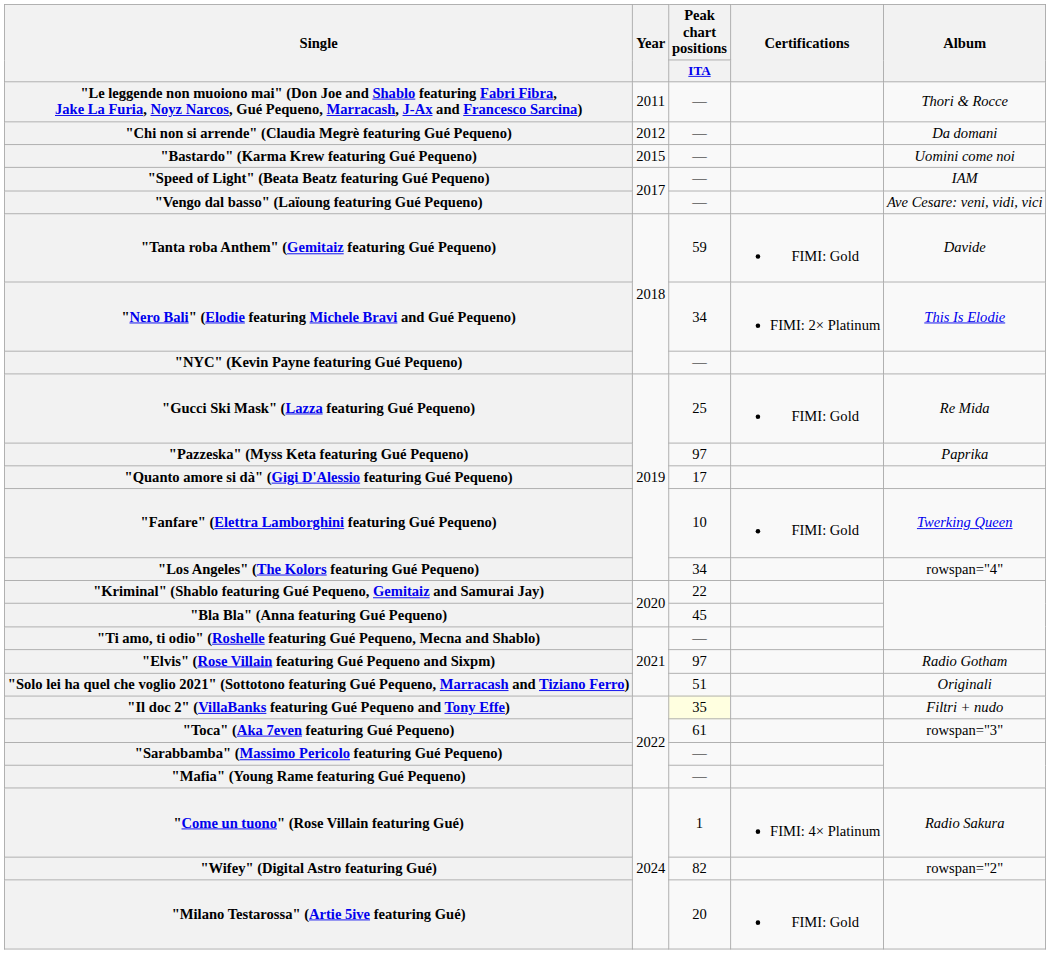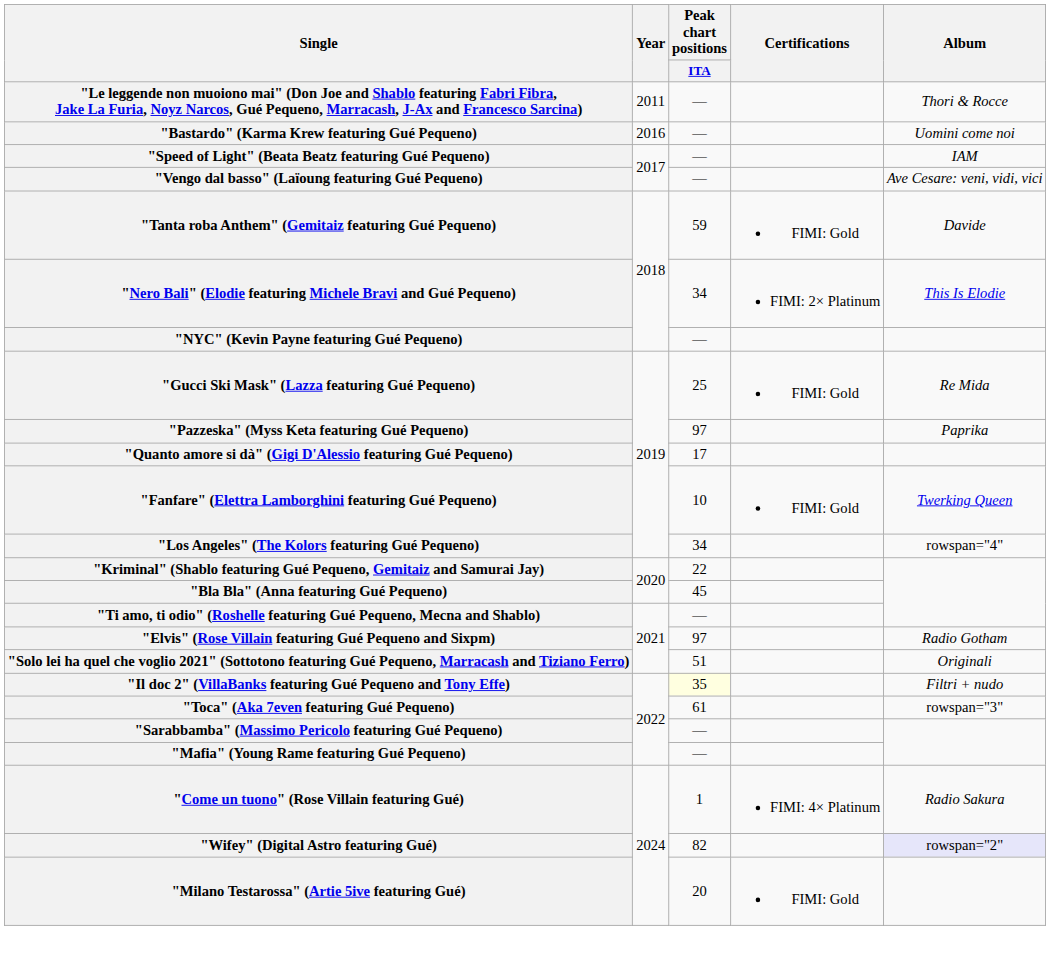 <table class="wikitable plainrowheaders" style="text-align:center;">
 <tr>
 <th scope="col" rowspan="2">Single</th>
 <th scope="col" rowspan="2">Year</th>
 <th scope="col" colspan="1">Peak chart positions</th>
 <th scope="col" rowspan="2">Certifications</th>
 <th scope="col" rowspan="2">Album</th>
 </tr>
 <tr>
 <th scope="col" style="width:3em;font-size:90%;"><a href='#'>ITA</a><br></th>
 </tr>
 <tr>
 <th scope="row">"Le leggende non muoiono mai" (Don Joe and <a href='#'>Shablo</a> featuring <a href='#'>Fabri Fibra</a>,<br> <a href='#'>Jake La Furia</a>, <a href='#'>Noyz Narcos</a>, Gué Pequeno, <a href='#'>Marracash</a>, <a href='#'>J-Ax</a> and <a href='#'>Francesco Sarcina</a>)</th>
 <td>2011</td>
 <td>—</td>
 <td></td>
 <td><em>Thori & Rocce</em></td>
 </tr>
 <tr>
-<th scope="row">"Chi non si arrende" (Claudia Megrè featuring Gué Pequeno)</th>
-<td>2012</td>
-<td>—</td>
-<td></td>
-<td><em>Da domani</em></td>
-</tr>
-<tr>
 <th scope="row">"Bastardo" (Karma Krew featuring Gué Pequeno)</th>
-<td>2015</td>
+<td>2016</td>
 <td>—</td>
 <td></td>
 <td><em>Uomini come noi</em></td>
 </tr>
 <tr>
 <th scope="row">"Speed of Light" (Beata Beatz featuring Gué Pequeno)</th>
 <td rowspan="2">2017</td>
 <td>—</td>
 <td></td>
 <td><em>IAM</em></td>
 </tr>
 <tr>
 <th scope="row">"Vengo dal basso" (Laïoung featuring Gué Pequeno)</th>
 <td>—</td>
 <td></td>
 <td><em>Ave Cesare: veni, vidi, vici</em></td>
 </tr>
 <tr>
 <th scope="row">"Tanta roba Anthem" (<a href='#'>Gemitaiz</a> featuring Gué Pequeno)</th>
 <td rowspan="3">2018</td>
 <td>59</td>
 <td><br><ul><li>FIMI: Gold</li></ul></td>
 <td><em>Davide</em></td>
 </tr>
 <tr>
 <th scope="row">"<a href='#'>Nero Bali</a>" (<a href='#'>Elodie</a> featuring <a href='#'>Michele Bravi</a> and Gué Pequeno)</th>
 <td>34</td>
 <td><br><ul><li>FIMI: 2× Platinum</li></ul></td>
 <td><em><a href='#'>This Is Elodie</a></em></td>
 </tr>
 <tr>
 <th scope="row">"NYC" (Kevin Payne featuring Gué Pequeno)</th>
 <td>—</td>
 <td></td>
 <td></td>
 </tr>
 <tr>
 <th scope="row">"Gucci Ski Mask" (<a href='#'>Lazza</a> featuring Gué Pequeno)</th>
 <td rowspan="5">2019</td>
 <td>25</td>
 <td><br><ul><li>FIMI: Gold</li></ul></td>
 <td><em>Re Mida</em></td>
 </tr>
 <tr>
 <th scope="row">"Pazzeska" (Myss Keta featuring Gué Pequeno)</th>
 <td>97</td>
 <td></td>
 <td><em>Paprika</em></td>
 </tr>
 <tr>
 <th scope="row">"Quanto amore si dà" (<a href='#'>Gigi D'Alessio</a> featuring Gué Pequeno)</th>
 <td>17</td>
 <td></td>
 <td></td>
 </tr>
 <tr>
 <th scope="row">"Fanfare" (<a href='#'>Elettra Lamborghini</a> featuring Gué Pequeno)</th>
 <td>10</td>
 <td><br><ul><li>FIMI: Gold</li></ul></td>
 <td><em><a href='#'>Twerking Queen</a></em></td>
 </tr>
 <tr>
 <th scope="row">"Los Angeles" (<a href='#'>The Kolors</a> featuring Gué Pequeno)</th>
 <td>34</td>
 <td></td>
 <td>rowspan="4" </td>
 </tr>
 <tr>
 <th scope="row">"Kriminal" (Shablo featuring Gué Pequeno, <a href='#'>Gemitaiz</a> and Samurai Jay)</th>
 <td rowspan="2">2020</td>
 <td>22</td>
 <td></td>
 </tr>
 <tr>
 <th scope="row">"Bla Bla" (Anna featuring Gué Pequeno)</th>
 <td>45</td>
 <td></td>
 </tr>
 <tr>
 <th scope="row">"Ti amo, ti odio" (<a href='#'>Roshelle</a> featuring Gué Pequeno, Mecna and Shablo)</th>
 <td rowspan="3">2021</td>
 <td>—</td>
 <td></td>
 </tr>
 <tr>
 <th scope="row">"Elvis" (<a href='#'>Rose Villain</a> featuring Gué Pequeno and Sixpm)</th>
 <td>97</td>
 <td></td>
 <td><em>Radio Gotham</em></td>
 </tr>
 <tr>
 <th scope="row">"Solo lei ha quel che voglio 2021" (Sottotono featuring Gué Pequeno, <a href='#'>Marracash</a> and <a href='#'>Tiziano Ferro</a>)</th>
 <td>51</td>
 <td></td>
 <td><em>Originali</em></td>
 </tr>
 <tr>
 <th scope="row">"Il doc 2" (<a href='#'>VillaBanks</a> featuring Gué Pequeno and <a href='#'>Tony Effe</a>)</th>
 <td rowspan="4">2022</td>
 <td style="background: lightyellow;">35</td>
 <td></td>
 <td><em>Filtri + nudo</em></td>
 </tr>
 <tr>
 <th scope="row">"Toca" (<a href='#'>Aka 7even</a> featuring Gué Pequeno)</th>
 <td>61</td>
 <td></td>
 <td>rowspan="3" </td>
 </tr>
 <tr>
 <th scope="row">"Sarabbamba" (<a href='#'>Massimo Pericolo</a> featuring Gué Pequeno)</th>
 <td>—</td>
 <td></td>
 </tr>
 <tr>
 <th scope="row">"Mafia" (Young Rame featuring Gué Pequeno)</th>
 <td>—</td>
 <td></td>
 </tr>
 <tr>
 <th scope="row">"<a href='#'>Come un tuono</a>" (Rose Villain featuring Gué)</th>
 <td rowspan="3">2024</td>
 <td>1<br></td>
 <td><br><ul><li>FIMI: 4× Platinum</li></ul></td>
 <td><em>Radio Sakura</em></td>
 </tr>
 <tr>
 <th scope="row">"Wifey" (Digital Astro featuring Gué)</th>
 <td>82<br></td>
 <td></td>
-<td>rowspan="2" </td>
+<td style="background: lavender;">rowspan="2" </td>
 </tr>
 <tr>
 <th scope="row">"Milano Testarossa" (<a href='#'>Artie 5ive</a> featuring Gué)</th>
 <td>20<br></td>
 <td><br><ul><li>FIMI: Gold</li></ul></td>
 </tr>
 </table>
